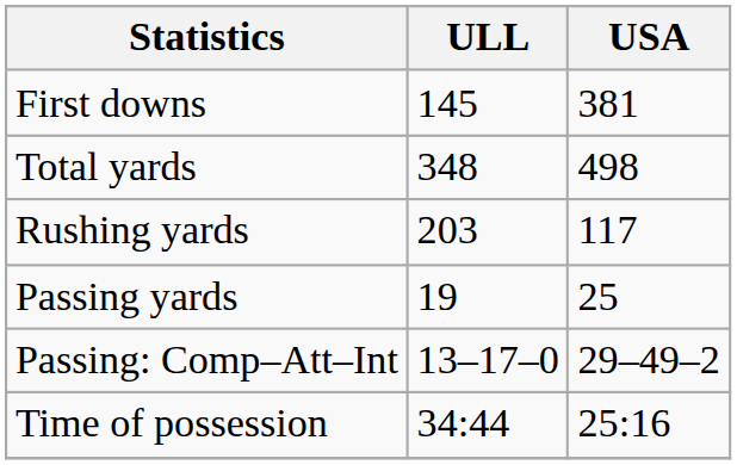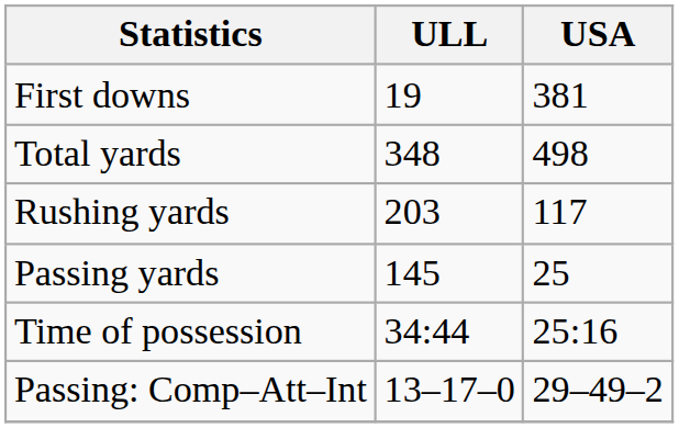 <table class="wikitable" style="float: left;">
 <tr>
 <th>Statistics</th>
 <th>ULL</th>
 <th>USA</th>
 </tr>
 <tr>
 <td>First downs</td>
-<td>145</td>
+<td>19</td>
 <td>381</td>
 </tr>
 <tr>
 <td>Total yards</td>
 <td>348</td>
 <td>498</td>
 </tr>
 <tr>
 <td>Rushing yards</td>
 <td>203</td>
 <td>117</td>
 </tr>
 <tr>
 <td>Passing yards</td>
-<td>19</td>
+<td>145</td>
 <td>25</td>
+</tr>
+<tr>
+<td>Time of possession</td>
+<td>34:44</td>
+<td>25:16</td>
 </tr>
 <tr>
 <td>Passing: Comp–Att–Int</td>
 <td>13–17–0</td>
 <td>29–49–2</td>
 </tr>
 <tr>
-<td>Time of possession</td>
-<td>34:44</td>
-<td>25:16</td>
-</tr>
-<tr>
 </tr>
 </table>
